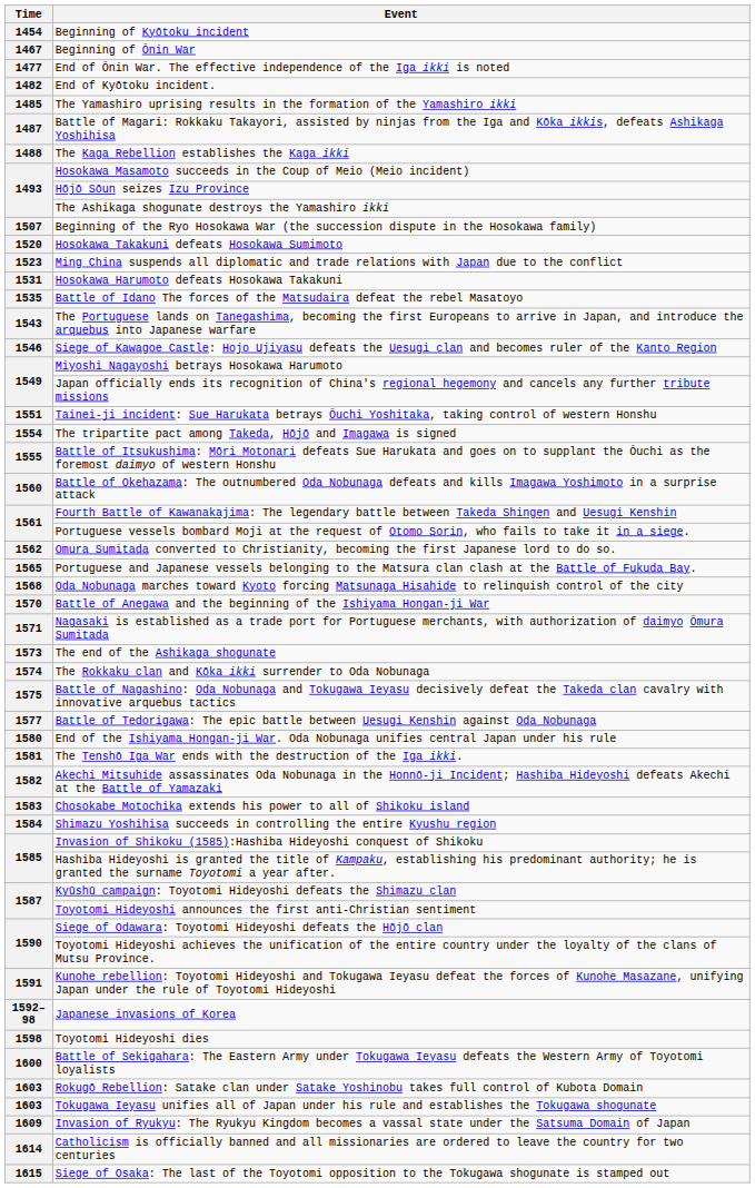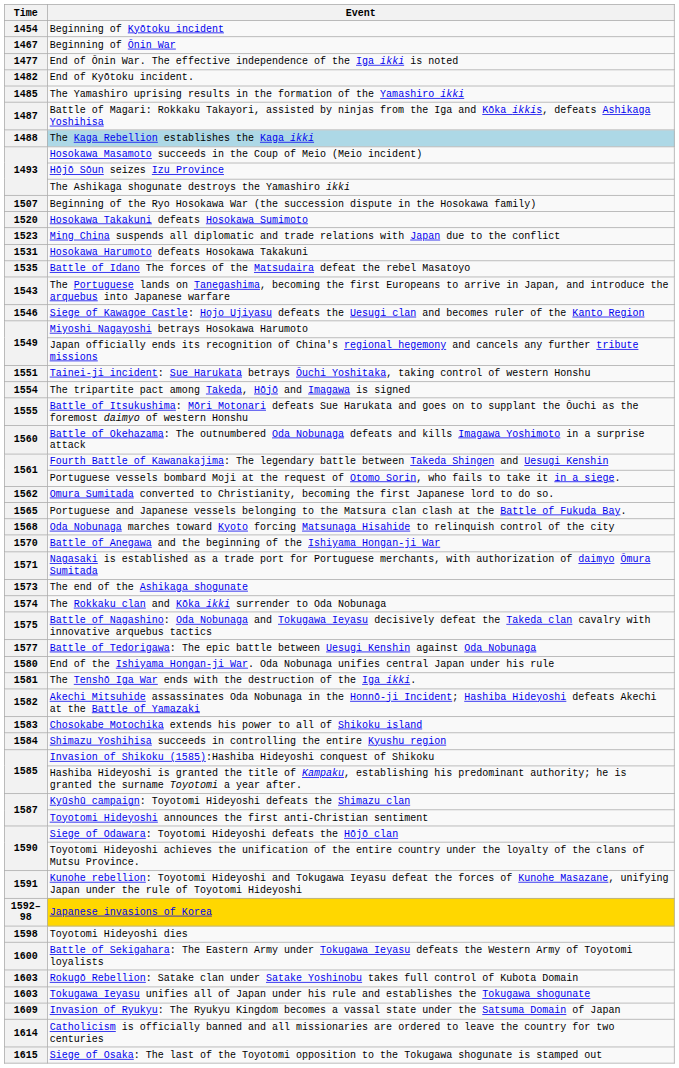 <table class="wikitable">
 <tr>
 <th scope="col">Time</th>
 <th scope="col">Event</th>
 </tr>
 <tr>
 <th scope="row">1454</th>
 <td>Beginning of <a href='#'>Kyōtoku incident</a></td>
 </tr>
 <tr>
 <th scope="row">1467</th>
 <td>Beginning of <a href='#'>Ōnin War</a></td>
 </tr>
 <tr>
 <th scope="row">1477</th>
 <td>End of Ōnin War. The effective independence of the <a href='#'>Iga <em>ikki</em></a> is noted</td>
 </tr>
 <tr>
 <th scope="row">1482</th>
 <td>End of Kyōtoku incident.</td>
 </tr>
 <tr>
 <th>1485</th>
 <td>The Yamashiro uprising results in the formation of the <a href='#'>Yamashiro <em>ikki</em></a></td>
 </tr>
 <tr>
 <th>1487</th>
 <td>Battle of Magari: Rokkaku Takayori, assisted by ninjas from the Iga and <a href='#'>Kōka <em>ikki</em>s</a>, defeats <a href='#'>Ashikaga Yoshihisa</a></td>
 </tr>
 <tr>
 <th scope="row">1488</th>
-<td>The <a href='#'>Kaga Rebellion</a> establishes the <a href='#'>Kaga <em>ikki</em></a></td>
+<td style="background: lightblue;">The <a href='#'>Kaga Rebellion</a> establishes the <a href='#'>Kaga <em>ikki</em></a></td>
 </tr>
 <tr>
 <th rowspan="3" scope="row">1493</th>
 <td><a href='#'>Hosokawa Masamoto</a> succeeds in the Coup of Meio (Meio incident)</td>
 </tr>
 <tr>
 <td><a href='#'>Hōjō Sōun</a> seizes <a href='#'>Izu Province</a></td>
 </tr>
 <tr>
 <td>The Ashikaga shogunate destroys the Yamashiro <em>ikki</em></td>
 </tr>
 <tr>
 <th scope="row">1507</th>
 <td>Beginning of the Ryo Hosokawa War (the succession dispute in the Hosokawa family)</td>
 </tr>
 <tr>
 <th scope="row">1520</th>
 <td><a href='#'>Hosokawa Takakuni</a> defeats <a href='#'>Hosokawa Sumimoto</a></td>
 </tr>
 <tr>
 <th>1523</th>
 <td><a href='#'>Ming China</a> suspends all diplomatic and trade relations with <a href='#'>Japan</a> due to the conflict</td>
 </tr>
 <tr>
 <th scope="row">1531</th>
 <td><a href='#'>Hosokawa Harumoto</a> defeats Hosokawa Takakuni</td>
 </tr>
 <tr>
 <th Scope="row">1535</th>
 <td><a href='#'>Battle of Idano</a> The forces of the <a href='#'>Matsudaira</a> defeat the rebel Masatoyo</td>
 </tr>
 <tr>
 <th scope="row">1543</th>
 <td>The <a href='#'>Portuguese</a> lands on <a href='#'>Tanegashima</a>, becoming the first Europeans to arrive in Japan, and introduce the <a href='#'>arquebus</a> into Japanese warfare</td>
 </tr>
 <tr>
 <th scope="row">1546</th>
 <td><a href='#'>Siege of Kawagoe Castle</a>: <a href='#'>Hojo Ujiyasu</a> defeats the <a href='#'>Uesugi clan</a> and becomes ruler of the <a href='#'>Kanto Region</a></td>
 </tr>
 <tr>
 <th rowspan="2" scope="row">1549</th>
 <td><a href='#'>Miyoshi Nagayoshi</a> betrays Hosokawa Harumoto</td>
 </tr>
 <tr>
 <td>Japan officially ends its recognition of China's <a href='#'>regional hegemony</a> and cancels any further <a href='#'>tribute missions</a></td>
 </tr>
 <tr>
 <th scope="row">1551</th>
 <td><a href='#'>Tainei-ji incident</a>: <a href='#'>Sue Harukata</a> betrays <a href='#'>Ōuchi Yoshitaka</a>, taking control of western Honshu</td>
 </tr>
 <tr>
 <th scope="row">1554</th>
 <td>The tripartite pact among <a href='#'>Takeda</a>, <a href='#'>Hōjō</a> and <a href='#'>Imagawa</a> is signed</td>
 </tr>
 <tr>
 <th scope="row">1555</th>
 <td><a href='#'>Battle of Itsukushima</a>: <a href='#'>Mōri Motonari</a> defeats Sue Harukata and goes on to supplant the Ōuchi as the foremost <em>daimyo</em> of western Honshu</td>
 </tr>
 <tr>
 <th scope="row">1560</th>
 <td><a href='#'>Battle of Okehazama</a>: The outnumbered <a href='#'>Oda Nobunaga</a> defeats and kills <a href='#'>Imagawa Yoshimoto</a> in a surprise attack</td>
 </tr>
 <tr>
 <th rowspan="2" scope="row">1561</th>
 <td><a href='#'>Fourth Battle of Kawanakajima</a>: The legendary battle between <a href='#'>Takeda Shingen</a> and <a href='#'>Uesugi Kenshin</a></td>
 </tr>
 <tr>
 <td>Portuguese vessels bombard Moji at the request of <a href='#'>Otomo Sorin</a>, who fails to take it <a href='#'>in a siege</a>.</td>
 </tr>
 <tr>
 <th scope="row">1562</th>
 <td><a href='#'>Omura Sumitada</a> converted to Christianity, becoming the first Japanese lord to do so.</td>
 </tr>
 <tr>
 <th scope="row">1565</th>
 <td>Portuguese and Japanese vessels belonging to the Matsura clan clash at the <a href='#'>Battle of Fukuda Bay</a>.</td>
 </tr>
 <tr>
 <th scope="row">1568</th>
 <td><a href='#'>Oda Nobunaga</a> marches toward <a href='#'>Kyoto</a> forcing <a href='#'>Matsunaga Hisahide</a> to relinquish control of the city</td>
 </tr>
 <tr>
 <th scope="row">1570</th>
 <td><a href='#'>Battle of Anegawa</a> and the beginning of the <a href='#'>Ishiyama Hongan-ji War</a></td>
 </tr>
 <tr>
 <th>1571</th>
 <td><a href='#'>Nagasaki</a> is established as a trade port for Portuguese merchants, with authorization of <a href='#'>daimyo</a> <a href='#'>Ōmura Sumitada</a></td>
 </tr>
 <tr>
 <th scope="row">1573</th>
 <td>The end of the <a href='#'>Ashikaga shogunate</a></td>
 </tr>
 <tr>
 <th>1574</th>
 <td>The <a href='#'>Rokkaku clan</a> and <a href='#'>Kōka <em>ikki</em></a> surrender to Oda Nobunaga</td>
 </tr>
 <tr>
 <th scope="row">1575</th>
 <td><a href='#'>Battle of Nagashino</a>: <a href='#'>Oda Nobunaga</a> and <a href='#'>Tokugawa Ieyasu</a> decisively defeat the <a href='#'>Takeda clan</a> cavalry with innovative arquebus tactics</td>
 </tr>
 <tr>
 <th scope="row">1577</th>
 <td><a href='#'>Battle of Tedorigawa</a>: The epic battle between <a href='#'>Uesugi Kenshin</a> against <a href='#'>Oda Nobunaga</a></td>
 </tr>
 <tr>
 <th scope="row">1580</th>
 <td>End of the <a href='#'>Ishiyama Hongan-ji War</a>. Oda Nobunaga unifies central Japan under his rule</td>
 </tr>
 <tr>
 <th>1581</th>
 <td>The <a href='#'>Tenshō Iga War</a> ends with the destruction of the <a href='#'>Iga <em>ikki</em></a>.</td>
 </tr>
 <tr>
 <th scope="row">1582</th>
 <td><a href='#'>Akechi Mitsuhide</a> assassinates Oda Nobunaga in the <a href='#'>Honnō-ji Incident</a>; <a href='#'>Hashiba Hideyoshi</a> defeats Akechi at the <a href='#'>Battle of Yamazaki</a></td>
 </tr>
 <tr>
 <th scope="row">1583</th>
 <td><a href='#'>Chosokabe Motochika</a> extends his power to all of <a href='#'>Shikoku island</a></td>
 </tr>
 <tr>
 <th scope="row">1584</th>
 <td><a href='#'>Shimazu Yoshihisa</a> succeeds in controlling the entire <a href='#'>Kyushu region</a></td>
 </tr>
 <tr>
 <th rowspan="2" scope="row">1585</th>
 <td><a href='#'>Invasion of Shikoku (1585)</a>:Hashiba Hideyoshi conquest of Shikoku</td>
 </tr>
 <tr>
 <td>Hashiba Hideyoshi is granted the title of <em><a href='#'>Kampaku</a></em>, establishing his predominant authority; he is granted the surname <em>Toyotomi</em> a year after.</td>
 </tr>
 <tr>
 <th rowspan="2" scope="row">1587</th>
 <td><a href='#'>Kyūshū campaign</a>: Toyotomi Hideyoshi defeats the <a href='#'>Shimazu clan</a></td>
 </tr>
 <tr>
 <td><a href='#'>Toyotomi Hideyoshi</a> announces the first anti-Christian sentiment</td>
 </tr>
 <tr>
 <th rowspan="2" scope="row">1590</th>
 <td><a href='#'>Siege of Odawara</a>: Toyotomi Hideyoshi defeats the <a href='#'>Hōjō clan</a></td>
 </tr>
 <tr>
 <td>Toyotomi Hideyoshi achieves the unification of the entire country under the loyalty of the clans of Mutsu Province.</td>
 </tr>
 <tr>
 <th scope="row">1591</th>
 <td><a href='#'>Kunohe rebellion</a>: Toyotomi Hideyoshi and Tokugawa Ieyasu defeat the forces of <a href='#'>Kunohe Masazane</a>, unifying Japan under the rule of Toyotomi Hideyoshi</td>
 </tr>
 <tr>
 <th scope="row">1592–98</th>
-<td><a href='#'>Japanese invasions of Korea</a></td>
+<td style="background: gold;"><a href='#'>Japanese invasions of Korea</a></td>
 </tr>
 <tr>
 <th scope="row">1598</th>
 <td>Toyotomi Hideyoshi dies</td>
 </tr>
 <tr>
 <th scope="row">1600</th>
 <td><a href='#'>Battle of Sekigahara</a>: The Eastern Army under <a href='#'>Tokugawa Ieyasu</a> defeats the Western Army of Toyotomi loyalists</td>
 </tr>
 <tr>
 <th scope="row">1603</th>
 <td><a href='#'>Rokugō Rebellion</a>: Satake clan under <a href='#'>Satake Yoshinobu</a> takes full control of Kubota Domain</td>
 </tr>
 <tr>
 <th scope="row">1603</th>
 <td><a href='#'>Tokugawa Ieyasu</a> unifies all of Japan under his rule and establishes the <a href='#'>Tokugawa shogunate</a></td>
 </tr>
 <tr>
 <th scope="row">1609</th>
 <td><a href='#'>Invasion of Ryukyu</a>: The Ryukyu Kingdom becomes a vassal state under the <a href='#'>Satsuma Domain</a> of Japan</td>
 </tr>
 <tr>
 <th>1614</th>
 <td><a href='#'>Catholicism</a> is officially banned and all missionaries are ordered to leave the country for two centuries</td>
 </tr>
 <tr>
 <th scope="row">1615</th>
 <td><a href='#'>Siege of Osaka</a>: The last of the Toyotomi opposition to the Tokugawa shogunate is stamped out</td>
 </tr>
 </table>
